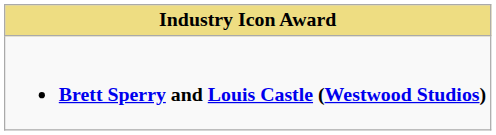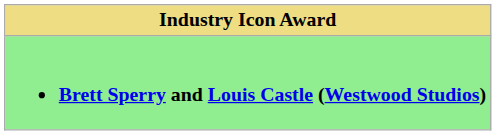 <table class=wikitable>
 <tr>
 <th style="background:#EEDD82">Industry Icon Award</th>
 </tr>
 <tr>
-<td valign="top"><br><ul><li><strong><a href='#'>Brett Sperry</a> and <a href='#'>Louis Castle</a> (<a href='#'>Westwood Studios</a>)</strong></li></ul></td>
+<td valign="top" style="background: lightgreen;"><br><ul><li><strong><a href='#'>Brett Sperry</a> and <a href='#'>Louis Castle</a> (<a href='#'>Westwood Studios</a>)</strong></li></ul></td>
 </tr>
 </table>
